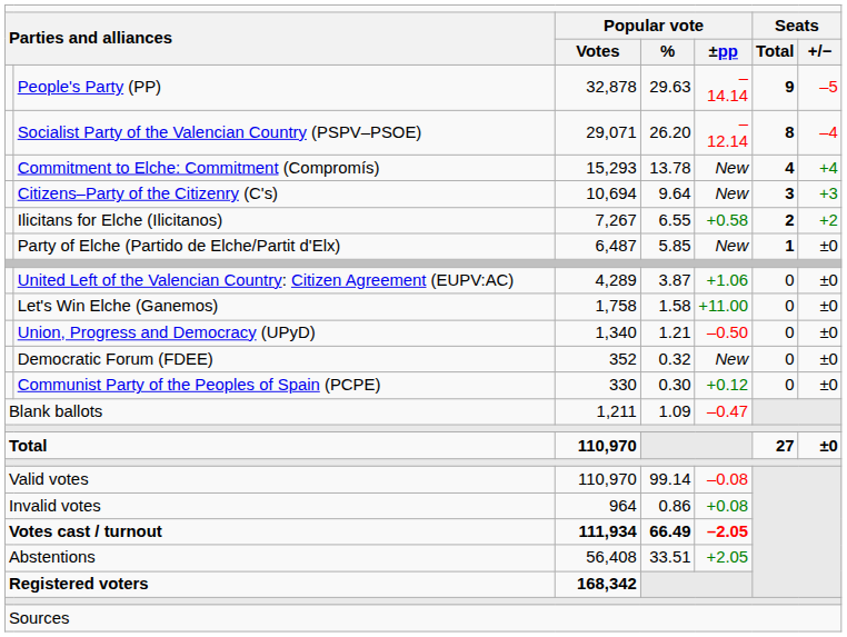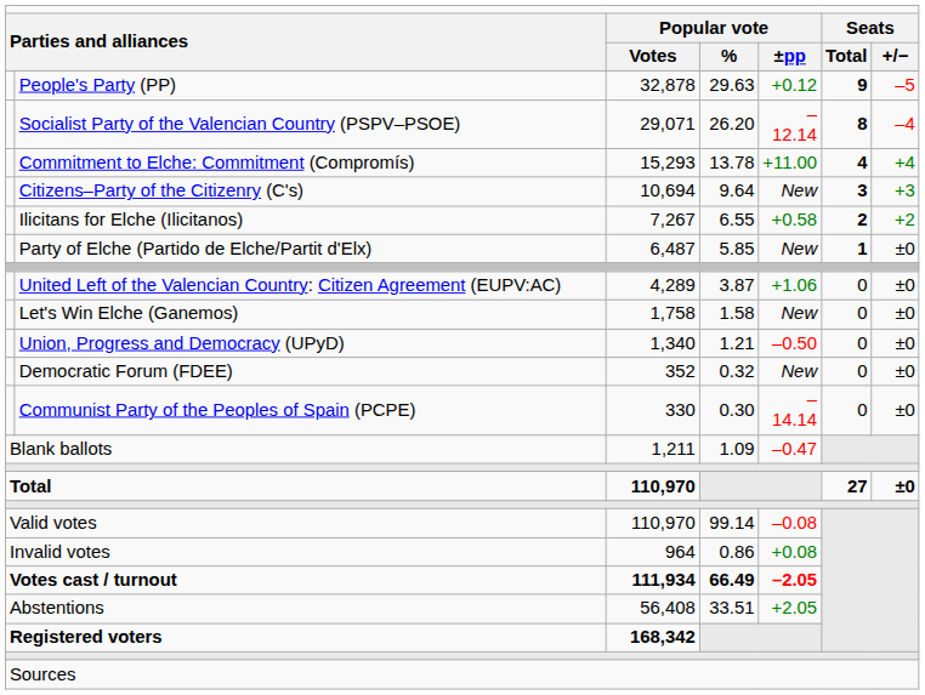 <table class="wikitable" style="text-align:right;">
 <tr>
 <td colspan="7"></td>
 </tr>
 <tr>
 <th style="text-align:left;" rowspan="2" colspan="2" width="525">Parties and alliances</th>
 <th colspan="3">Popular vote</th>
 <th colspan="2">Seats</th>
 </tr>
 <tr>
 <th width="75">Votes</th>
 <th width="45">%</th>
 <th width="45">±<a href='#'>pp</a></th>
 <th width="35">Total</th>
 <th width="35">+/−</th>
 </tr>
 <tr>
 <td width="1" style="color:inherit;background:"></td>
 <td align="left"><a href='#'>People's Party</a> (PP)</td>
 <td>32,878</td>
 <td>29.63</td>
-<td style="color:red;">–14.14</td>
+<td style="color:green;">+0.12</td>
 <td><strong>9</strong></td>
 <td style="color:red;">–5</td>
 </tr>
 <tr>
 <td style="color:inherit;background:"></td>
 <td align="left"><a href='#'>Socialist Party of the Valencian Country</a> (PSPV–PSOE)</td>
 <td>29,071</td>
 <td>26.20</td>
 <td style="color:red;">–12.14</td>
 <td><strong>8</strong></td>
 <td style="color:red;">–4</td>
 </tr>
 <tr>
 <td style="color:inherit;background:"></td>
 <td align="left"><a href='#'>Commitment to Elche: Commitment</a> (Compromís)</td>
 <td>15,293</td>
 <td>13.78</td>
-<td><em>New</em></td>
+<td style="color:green;">+11.00</td>
 <td><strong>4</strong></td>
 <td style="color:green;">+4</td>
 </tr>
 <tr>
 <td style="color:inherit;background:"></td>
 <td align="left"><a href='#'>Citizens–Party of the Citizenry</a> (C's)</td>
 <td>10,694</td>
 <td>9.64</td>
 <td><em>New</em></td>
 <td><strong>3</strong></td>
 <td style="color:green;">+3</td>
 </tr>
 <tr>
 <td style="color:inherit;background:"></td>
 <td align="left">Ilicitans for Elche (Ilicitanos)</td>
 <td>7,267</td>
 <td>6.55</td>
 <td style="color:green;">+0.58</td>
 <td><strong>2</strong></td>
 <td style="color:green;">+2</td>
 </tr>
 <tr>
 <td style="color:inherit;background:"></td>
 <td align="left">Party of Elche (Partido de Elche/Partit d'Elx)</td>
 <td>6,487</td>
 <td>5.85</td>
 <td><em>New</em></td>
 <td><strong>1</strong></td>
 <td>±0</td>
 </tr>
 <tr>
 <td colspan="7" bgcolor="#C0C0C0"></td>
 </tr>
 <tr>
 <td style="color:inherit;background:"></td>
 <td align="left"><a href='#'>United Left of the Valencian Country</a>: <a href='#'>Citizen Agreement</a> (EUPV:AC)</td>
 <td>4,289</td>
 <td>3.87</td>
 <td style="color:green;">+1.06</td>
 <td>0</td>
 <td>±0</td>
 </tr>
 <tr>
 <td style="color:inherit;background:"></td>
 <td align="left">Let's Win Elche (Ganemos)</td>
 <td>1,758</td>
 <td>1.58</td>
-<td style="color:green;">+11.00</td>
+<td><em>New</em></td>
 <td>0</td>
 <td>±0</td>
 </tr>
 <tr>
 <td style="color:inherit;background:"></td>
 <td align="left"><a href='#'>Union, Progress and Democracy</a> (UPyD)</td>
 <td>1,340</td>
 <td>1.21</td>
 <td style="color:red;">–0.50</td>
 <td>0</td>
 <td>±0</td>
 </tr>
 <tr>
 <td style="color:inherit;background:"></td>
 <td align="left">Democratic Forum (FDEE)</td>
 <td>352</td>
 <td>0.32</td>
 <td><em>New</em></td>
 <td>0</td>
 <td>±0</td>
 </tr>
 <tr>
 <td style="color:inherit;background:"></td>
 <td align="left"><a href='#'>Communist Party of the Peoples of Spain</a> (PCPE)</td>
 <td>330</td>
 <td>0.30</td>
-<td style="color:green;">+0.12</td>
+<td style="color:red;">–14.14</td>
 <td>0</td>
 <td>±0</td>
 </tr>
 <tr>
 <td align="left" colspan="2">Blank ballots</td>
 <td>1,211</td>
 <td>1.09</td>
 <td style="color:red;">–0.47</td>
 <td bgcolor="#E9E9E9" colspan="2"></td>
 </tr>
 <tr>
 <td colspan="7" bgcolor="#E9E9E9"></td>
 </tr>
 <tr style="font-weight:bold;">
 <td align="left" colspan="2">Total</td>
 <td>110,970</td>
 <td bgcolor="#E9E9E9" colspan="2"></td>
 <td>27</td>
 <td>±0</td>
 </tr>
 <tr>
 <td colspan="7" bgcolor="#E9E9E9"></td>
 </tr>
 <tr>
 <td align="left" colspan="2">Valid votes</td>
 <td>110,970</td>
 <td>99.14</td>
 <td style="color:red;">–0.08</td>
 <td bgcolor="#E9E9E9" colspan="2" rowspan="5"></td>
 </tr>
 <tr>
 <td align="left" colspan="2">Invalid votes</td>
 <td>964</td>
 <td>0.86</td>
 <td style="color:green;">+0.08</td>
 </tr>
 <tr style="font-weight:bold;">
 <td align="left" colspan="2">Votes cast / turnout</td>
 <td>111,934</td>
 <td>66.49</td>
 <td style="color:red;">–2.05</td>
 </tr>
 <tr>
 <td align="left" colspan="2">Abstentions</td>
 <td>56,408</td>
 <td>33.51</td>
 <td style="color:green;">+2.05</td>
 </tr>
 <tr style="font-weight:bold;">
 <td align="left" colspan="2">Registered voters</td>
 <td>168,342</td>
 <td bgcolor="#E9E9E9" colspan="2"></td>
 </tr>
 <tr>
 <td colspan="7" bgcolor="#E9E9E9"></td>
 </tr>
 <tr>
 <td align="left" colspan="7">Sources</td>
 </tr>
 </table>
